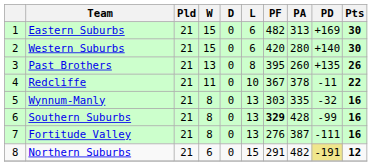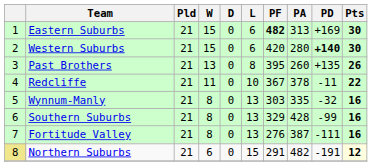 <table class="wikitable" style="text-align:center;">
 <tr>
 <th width=20 abbr="Position×"></th>
 <th width=175>Team</th>
 <th width=20 abbr="Played">Pld</th>
 <th width=20 abbr="Won">W</th>
 <th width=20 abbr="Drawn">D</th>
 <th width=20 abbr="Lost">L</th>
 <th width=20 abbr="Points for">PF</th>
 <th width=20 abbr="Points against">PA</th>
 <th width=20 abbr="Points difference">PD</th>
 <th width=20 abbr="Points">Pts</th>
 </tr>
 <tr style="background: #ccffcc;">
 <td>1</td>
 <td style="text-align:left;"> <a href='#'>Eastern Suburbs</a></td>
 <td>21</td>
 <td>15</td>
 <td>0</td>
 <td>6</td>
-<td>482</td>
+<td><strong>482</strong></td>
 <td>313</td>
 <td>+169</td>
 <td><strong>30</strong></td>
 </tr>
 <tr style="background: #ccffcc;">
 <td>2</td>
 <td style="text-align:left;"> <a href='#'>Western Suburbs</a></td>
 <td>21</td>
 <td>15</td>
 <td>0</td>
 <td>6</td>
 <td>420</td>
 <td>280</td>
-<td>+140</td>
+<td><strong>+140</strong></td>
 <td><strong>30</strong></td>
 </tr>
 <tr style="background: #ccffcc;">
 <td>3</td>
 <td style="text-align:left;"> <a href='#'>Past Brothers</a></td>
 <td>21</td>
 <td>13</td>
 <td>0</td>
 <td>8</td>
 <td>395</td>
 <td>260</td>
 <td>+135</td>
 <td><strong>26</strong></td>
 </tr>
 <tr style="background: #ccffcc;">
 <td>4</td>
 <td style="text-align:left;"> <a href='#'>Redcliffe</a></td>
 <td>21</td>
 <td>11</td>
 <td>0</td>
 <td>10</td>
 <td>367</td>
 <td>378</td>
 <td>-11</td>
 <td><strong>22</strong></td>
 </tr>
 <tr style="background: #ccffcc;">
 <td>5</td>
 <td style="text-align:left;"> <a href='#'>Wynnum-Manly</a></td>
 <td>21</td>
 <td>8</td>
 <td>0</td>
 <td>13</td>
 <td>303</td>
 <td>335</td>
 <td>-32</td>
 <td><strong>16</strong></td>
 </tr>
 <tr style="background: #ccffcc;">
 <td>6</td>
 <td style="text-align:left;"> <a href='#'>Southern Suburbs</a></td>
 <td>21</td>
 <td>8</td>
 <td>0</td>
 <td>13</td>
-<td><strong>329</strong></td>
+<td>329</td>
 <td>428</td>
 <td>-99</td>
 <td><strong>16</strong></td>
 </tr>
 <tr style="background: #ccffcc;">
 <td>7</td>
 <td style="text-align:left;"> <a href='#'>Fortitude Valley</a></td>
 <td>21</td>
 <td>8</td>
 <td>0</td>
 <td>13</td>
 <td>276</td>
 <td>387</td>
 <td>-111</td>
 <td><strong>16</strong></td>
 </tr>
 <tr>
-<td>8</td>
+<td style="background: khaki;">8</td>
 <td style="text-align:left;"> <a href='#'>Northern Suburbs</a></td>
 <td>21</td>
 <td>6</td>
 <td>0</td>
 <td>15</td>
 <td>291</td>
 <td>482</td>
-<td style="background: khaki;">-191</td>
-<td><strong>12</strong></td>
+<td>-191</td>
+<td style="background: lightyellow;"><strong>12</strong></td>
 </tr>
 <tr>
 </tr>
 </table>
